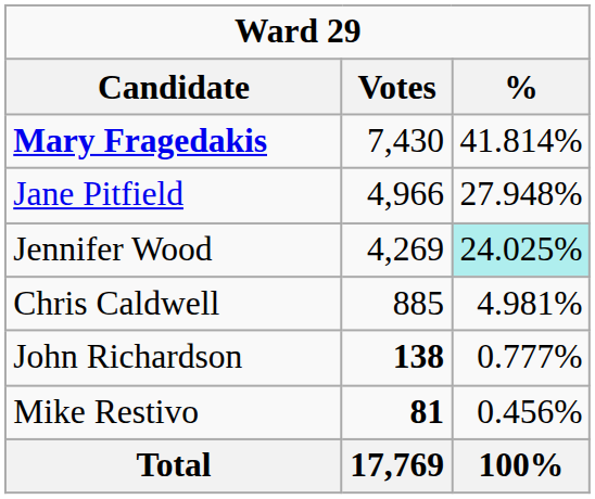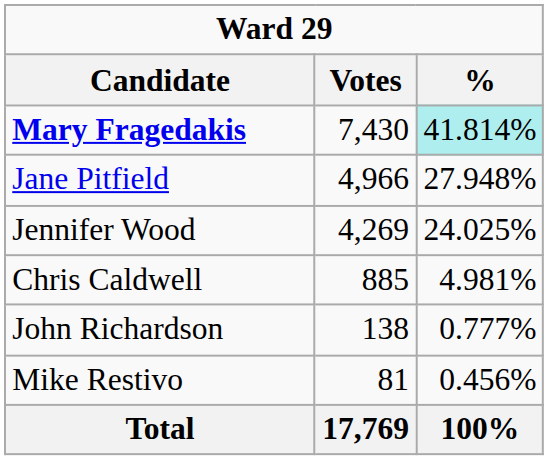 <table class="wikitable">
 <tr>
 <td Colspan="3" align="center"><strong>Ward 29</strong></td>
 </tr>
 <tr>
 <th bgcolor="#DDDDFF" width="150px">Candidate</th>
 <th bgcolor="#DDDDFF">Votes</th>
 <th bgcolor="#DDDDFF">%</th>
 </tr>
 <tr>
 <td><strong><a href='#'>Mary Fragedakis</a></strong></td>
 <td align=right>7,430</td>
-<td align=right>41.814%</td>
+<td align=right style="background: paleturquoise;">41.814%</td>
 </tr>
 <tr>
 <td><a href='#'>Jane Pitfield</a></td>
 <td align=right>4,966</td>
 <td align=right>27.948%</td>
 </tr>
 <tr>
 <td>Jennifer Wood</td>
 <td align=right>4,269</td>
-<td align=right style="background: paleturquoise;">24.025%</td>
+<td align=right>24.025%</td>
 </tr>
 <tr>
 <td>Chris Caldwell</td>
 <td align=right>885</td>
 <td align=right>4.981%</td>
 </tr>
 <tr>
 <td>John Richardson</td>
-<td align=right><strong>138</strong></td>
+<td align=right>138</td>
 <td align=right>0.777%</td>
 </tr>
 <tr>
 <td>Mike Restivo</td>
-<td align=right><strong>81</strong></td>
+<td align=right>81</td>
 <td align=right>0.456%</td>
 </tr>
 <tr>
 <th>Total</th>
 <th align=right>17,769</th>
 <th align=right>100%</th>
 </tr>
 </table>
